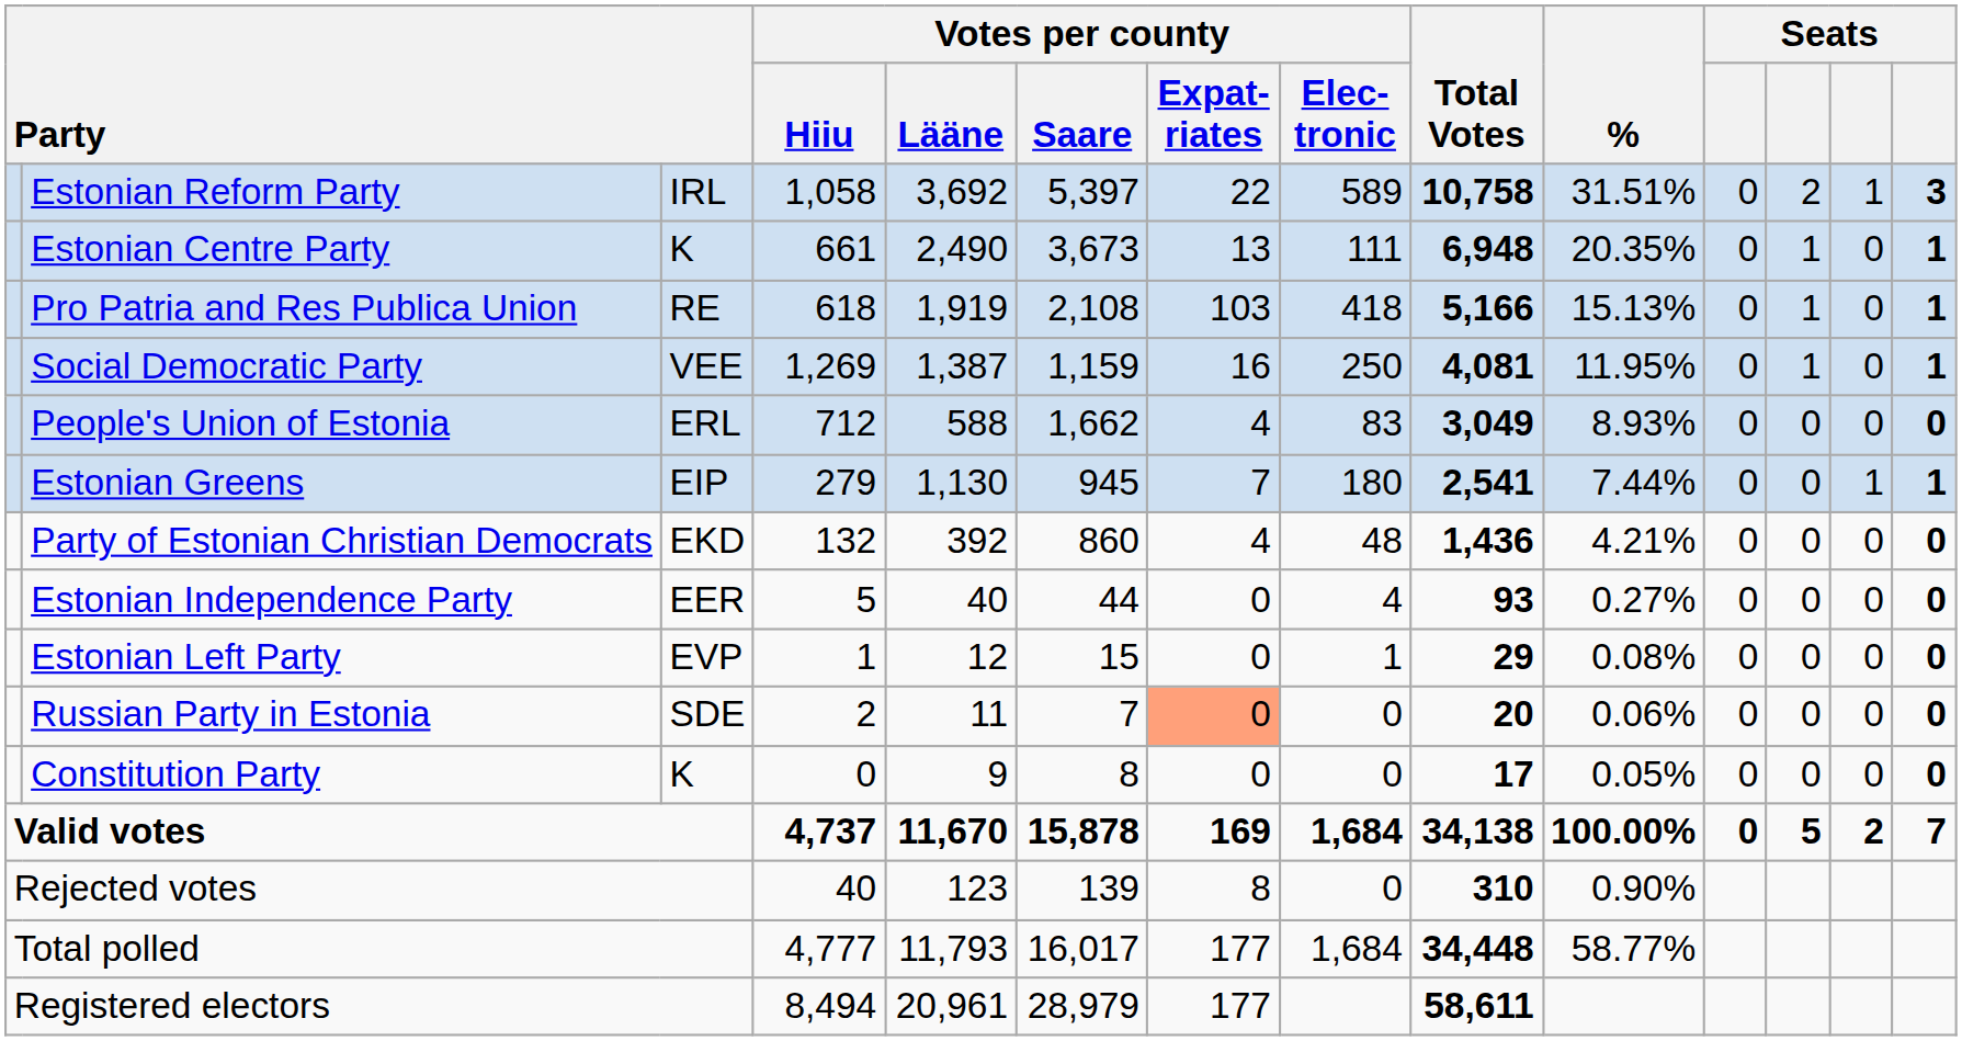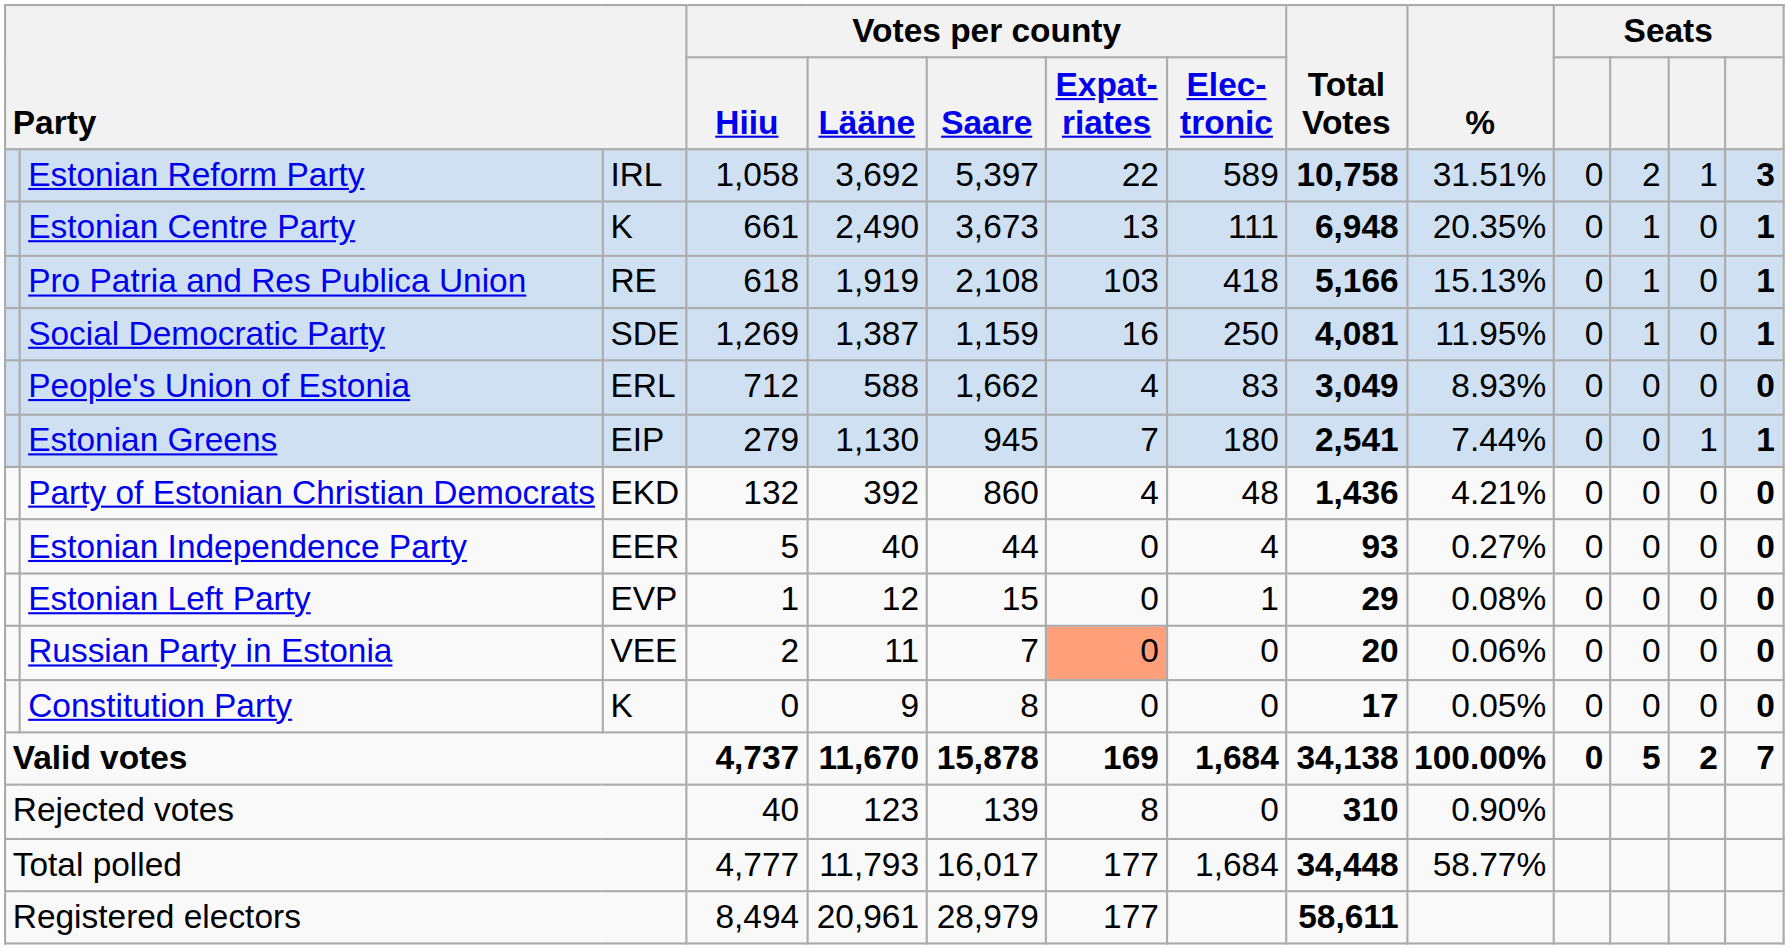 <table class="wikitable" border="1" style="text-align:right;">
 <tr>
 <th style="text-align:left;" valign=bottom rowspan=2 colspan=3>Party</th>
 <th colspan=5>Votes per county</th>
 <th align=center valign=bottom rowspan=2 width="50">Total Votes</th>
 <th align=center valign=bottom rowspan=2 width="50">%</th>
 <th colspan=4>Seats</th>
 </tr>
 <tr>
 <th align=center valign=bottom width="50"><a href='#'>Hiiu</a></th>
 <th align=center valign=bottom width="50"><a href='#'>Lääne</a></th>
 <th align=center valign=bottom width="50"><a href='#'>Saare</a></th>
 <th align=center valign=bottom width="50"><a href='#'>Expat- riates</a></th>
 <th align=center valign=bottom width="50"><a href='#'>Elec- tronic</a></th>
 <th align=center valign=bottom width="20"><small></small></th>
 <th align=center valign=bottom width="20"><small></small></th>
 <th align=center valign=bottom width="20"><small></small></th>
 <th align=center valign=bottom width="20"><small></small></th>
 </tr>
 <tr style="background:#CEE0F2;">
 <td style="background:"></td>
 <td align=left><a href='#'>Estonian Reform Party</a></td>
 <td align=left>IRL</td>
 <td>1,058</td>
 <td>3,692</td>
 <td>5,397</td>
 <td>22</td>
 <td>589</td>
 <td><strong>10,758</strong></td>
 <td>31.51%</td>
 <td>0</td>
 <td>2</td>
 <td>1</td>
 <td><strong>3</strong></td>
 </tr>
 <tr style="background:#CEE0F2;">
 <td style="background:"></td>
 <td align=left><a href='#'>Estonian Centre Party</a></td>
 <td align=left>K</td>
 <td>661</td>
 <td>2,490</td>
 <td>3,673</td>
 <td>13</td>
 <td>111</td>
 <td><strong>6,948</strong></td>
 <td>20.35%</td>
 <td>0</td>
 <td>1</td>
 <td>0</td>
 <td><strong>1</strong></td>
 </tr>
 <tr style="background:#CEE0F2;">
 <td style="background:"></td>
 <td align=left><a href='#'>Pro Patria and Res Publica Union</a></td>
 <td align=left>RE</td>
 <td>618</td>
 <td>1,919</td>
 <td>2,108</td>
 <td>103</td>
 <td>418</td>
 <td><strong>5,166</strong></td>
 <td>15.13%</td>
 <td>0</td>
 <td>1</td>
 <td>0</td>
 <td><strong>1</strong></td>
 </tr>
 <tr style="background:#CEE0F2;">
 <td style="background:"></td>
 <td align=left><a href='#'>Social Democratic Party</a></td>
-<td align=left>VEE</td>
+<td align=left>SDE</td>
 <td>1,269</td>
 <td>1,387</td>
 <td>1,159</td>
 <td>16</td>
 <td>250</td>
 <td><strong>4,081</strong></td>
 <td>11.95%</td>
 <td>0</td>
 <td>1</td>
 <td>0</td>
 <td><strong>1</strong></td>
 </tr>
 <tr style="background:#CEE0F2;">
 <td style="background:"></td>
 <td align=left><a href='#'>People's Union of Estonia</a></td>
 <td align=left>ERL</td>
 <td>712</td>
 <td>588</td>
 <td>1,662</td>
 <td>4</td>
 <td>83</td>
 <td><strong>3,049</strong></td>
 <td>8.93%</td>
 <td>0</td>
 <td>0</td>
 <td>0</td>
 <td><strong>0</strong></td>
 </tr>
 <tr style="background:#CEE0F2;">
 <td style="background:"></td>
 <td align=left><a href='#'>Estonian Greens</a></td>
 <td align=left>EIP</td>
 <td>279</td>
 <td>1,130</td>
 <td>945</td>
 <td>7</td>
 <td>180</td>
 <td><strong>2,541</strong></td>
 <td>7.44%</td>
 <td>0</td>
 <td>0</td>
 <td>1</td>
 <td><strong>1</strong></td>
 </tr>
 <tr>
 <td style="background:"></td>
 <td align=left><a href='#'>Party of Estonian Christian Democrats</a></td>
 <td align=left>EKD</td>
 <td>132</td>
 <td>392</td>
 <td>860</td>
 <td>4</td>
 <td>48</td>
 <td><strong>1,436</strong></td>
 <td>4.21%</td>
 <td>0</td>
 <td>0</td>
 <td>0</td>
 <td><strong>0</strong></td>
 </tr>
 <tr>
 <td style="background:"></td>
 <td align=left><a href='#'>Estonian Independence Party</a></td>
 <td align=left>EER</td>
 <td>5</td>
 <td>40</td>
 <td>44</td>
 <td>0</td>
 <td>4</td>
 <td><strong>93</strong></td>
 <td>0.27%</td>
 <td>0</td>
 <td>0</td>
 <td>0</td>
 <td><strong>0</strong></td>
 </tr>
 <tr>
 <td style="background:"></td>
 <td align=left><a href='#'>Estonian Left Party</a></td>
 <td align=left>EVP</td>
 <td>1</td>
 <td>12</td>
 <td>15</td>
 <td>0</td>
 <td>1</td>
 <td><strong>29</strong></td>
 <td>0.08%</td>
 <td>0</td>
 <td>0</td>
 <td>0</td>
 <td><strong>0</strong></td>
 </tr>
 <tr>
 <td></td>
 <td align=left><a href='#'>Russian Party in Estonia</a></td>
-<td align=left>SDE</td>
+<td align=left>VEE</td>
 <td>2</td>
 <td>11</td>
 <td>7</td>
 <td style="background: lightsalmon;">0</td>
 <td>0</td>
 <td><strong>20</strong></td>
 <td>0.06%</td>
 <td>0</td>
 <td>0</td>
 <td>0</td>
 <td><strong>0</strong></td>
 </tr>
 <tr>
 <td style="background:"></td>
 <td align=left><a href='#'>Constitution Party</a></td>
 <td align=left>K</td>
 <td>0</td>
 <td>9</td>
 <td>8</td>
 <td>0</td>
 <td>0</td>
 <td><strong>17</strong></td>
 <td>0.05%</td>
 <td>0</td>
 <td>0</td>
 <td>0</td>
 <td><strong>0</strong></td>
 </tr>
 <tr style="font-weight:bold">
 <td align=left colspan=3>Valid votes</td>
 <td>4,737</td>
 <td>11,670</td>
 <td>15,878</td>
 <td>169</td>
 <td>1,684</td>
 <td>34,138</td>
 <td>100.00%</td>
 <td>0</td>
 <td>5</td>
 <td>2</td>
 <td>7</td>
 </tr>
 <tr>
 <td align=left colspan=3>Rejected votes</td>
 <td>40</td>
 <td>123</td>
 <td>139</td>
 <td>8</td>
 <td>0</td>
 <td><strong>310</strong></td>
 <td>0.90%</td>
 <td></td>
 <td></td>
 <td></td>
 <td></td>
 </tr>
 <tr>
 <td align=left colspan=3>Total polled</td>
 <td>4,777</td>
 <td>11,793</td>
 <td>16,017</td>
 <td>177</td>
 <td>1,684</td>
 <td><strong>34,448</strong></td>
 <td>58.77%</td>
 <td></td>
 <td></td>
 <td></td>
 <td></td>
 </tr>
 <tr>
 <td align=left colspan=3>Registered electors</td>
 <td>8,494</td>
 <td>20,961</td>
 <td>28,979</td>
 <td>177</td>
 <td></td>
 <td><strong>58,611</strong></td>
 <td></td>
 <td></td>
 <td></td>
 <td></td>
 <td></td>
 </tr>
 </table>
